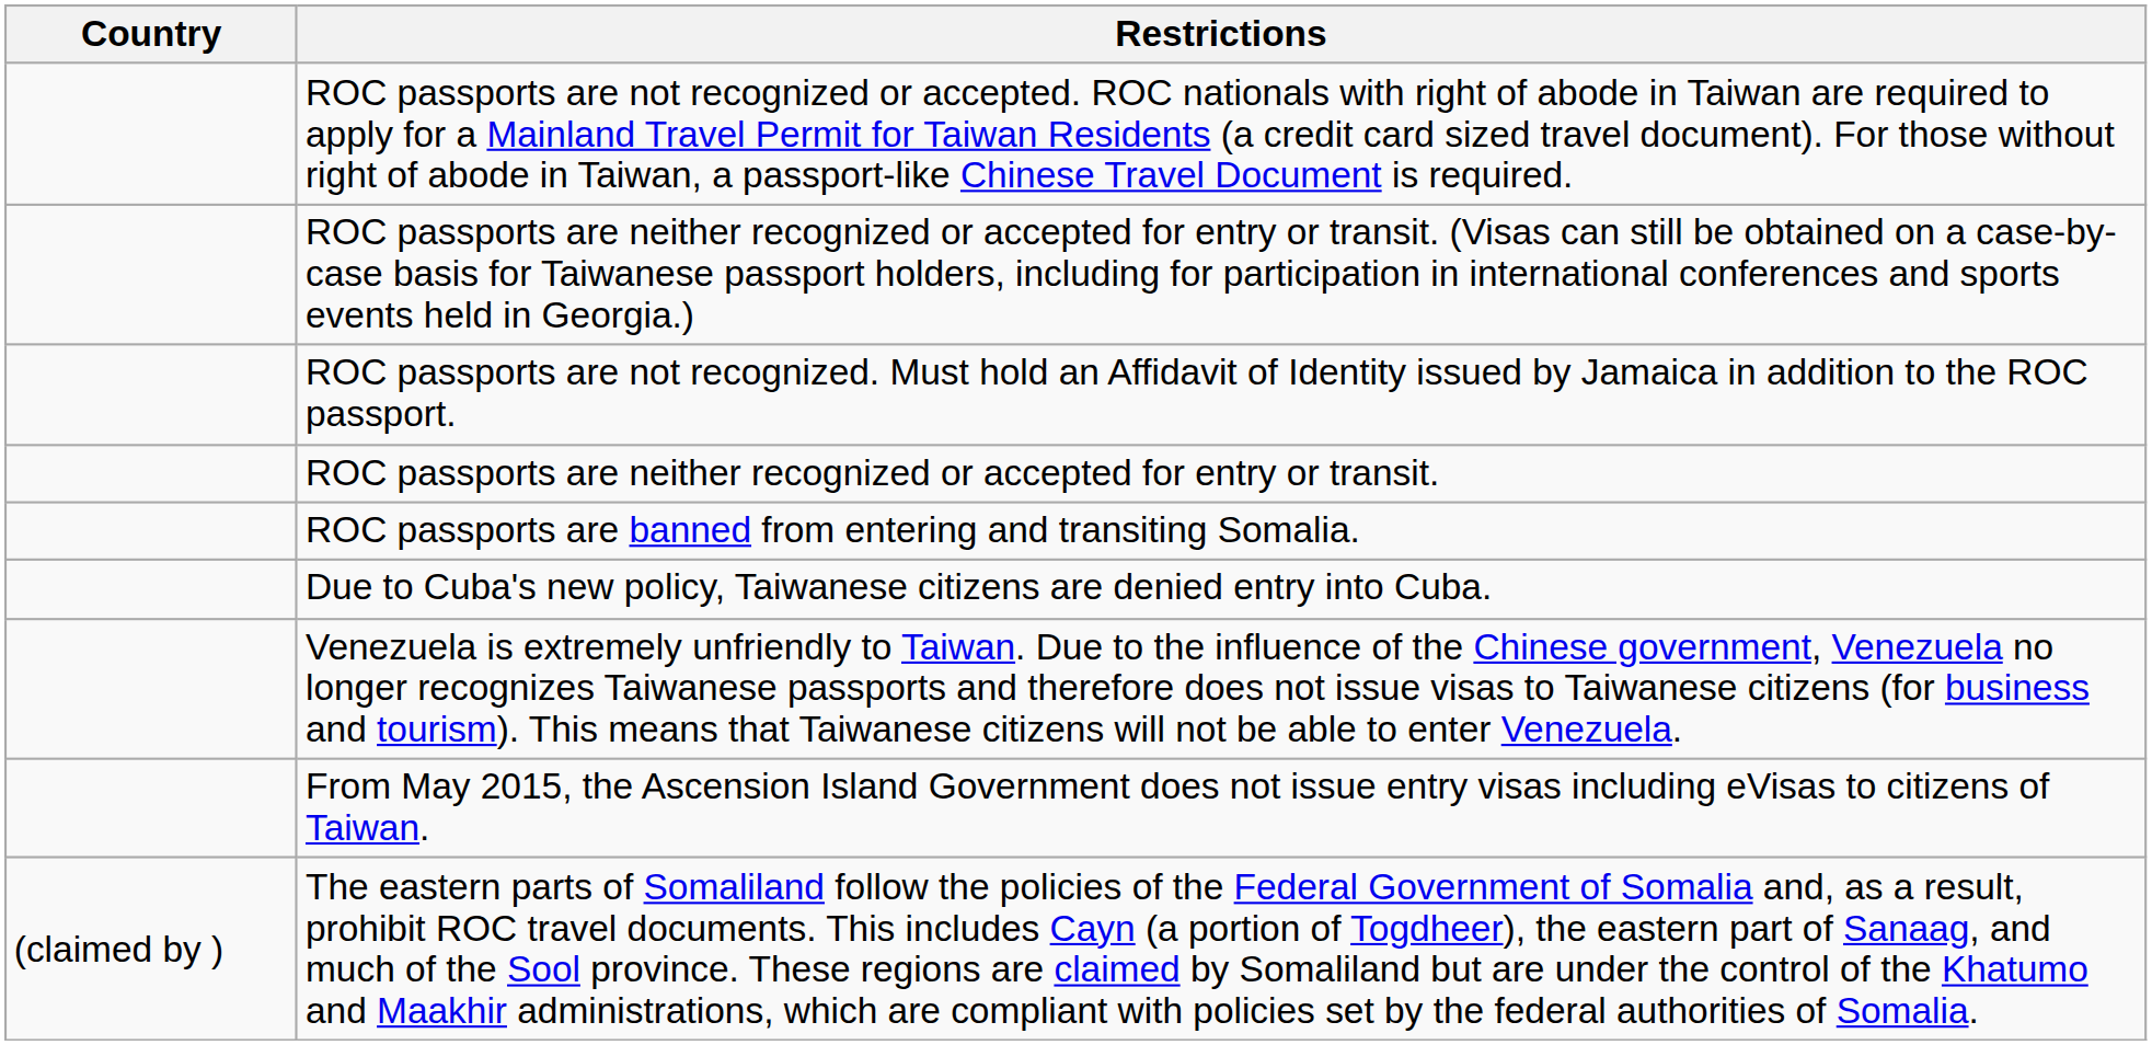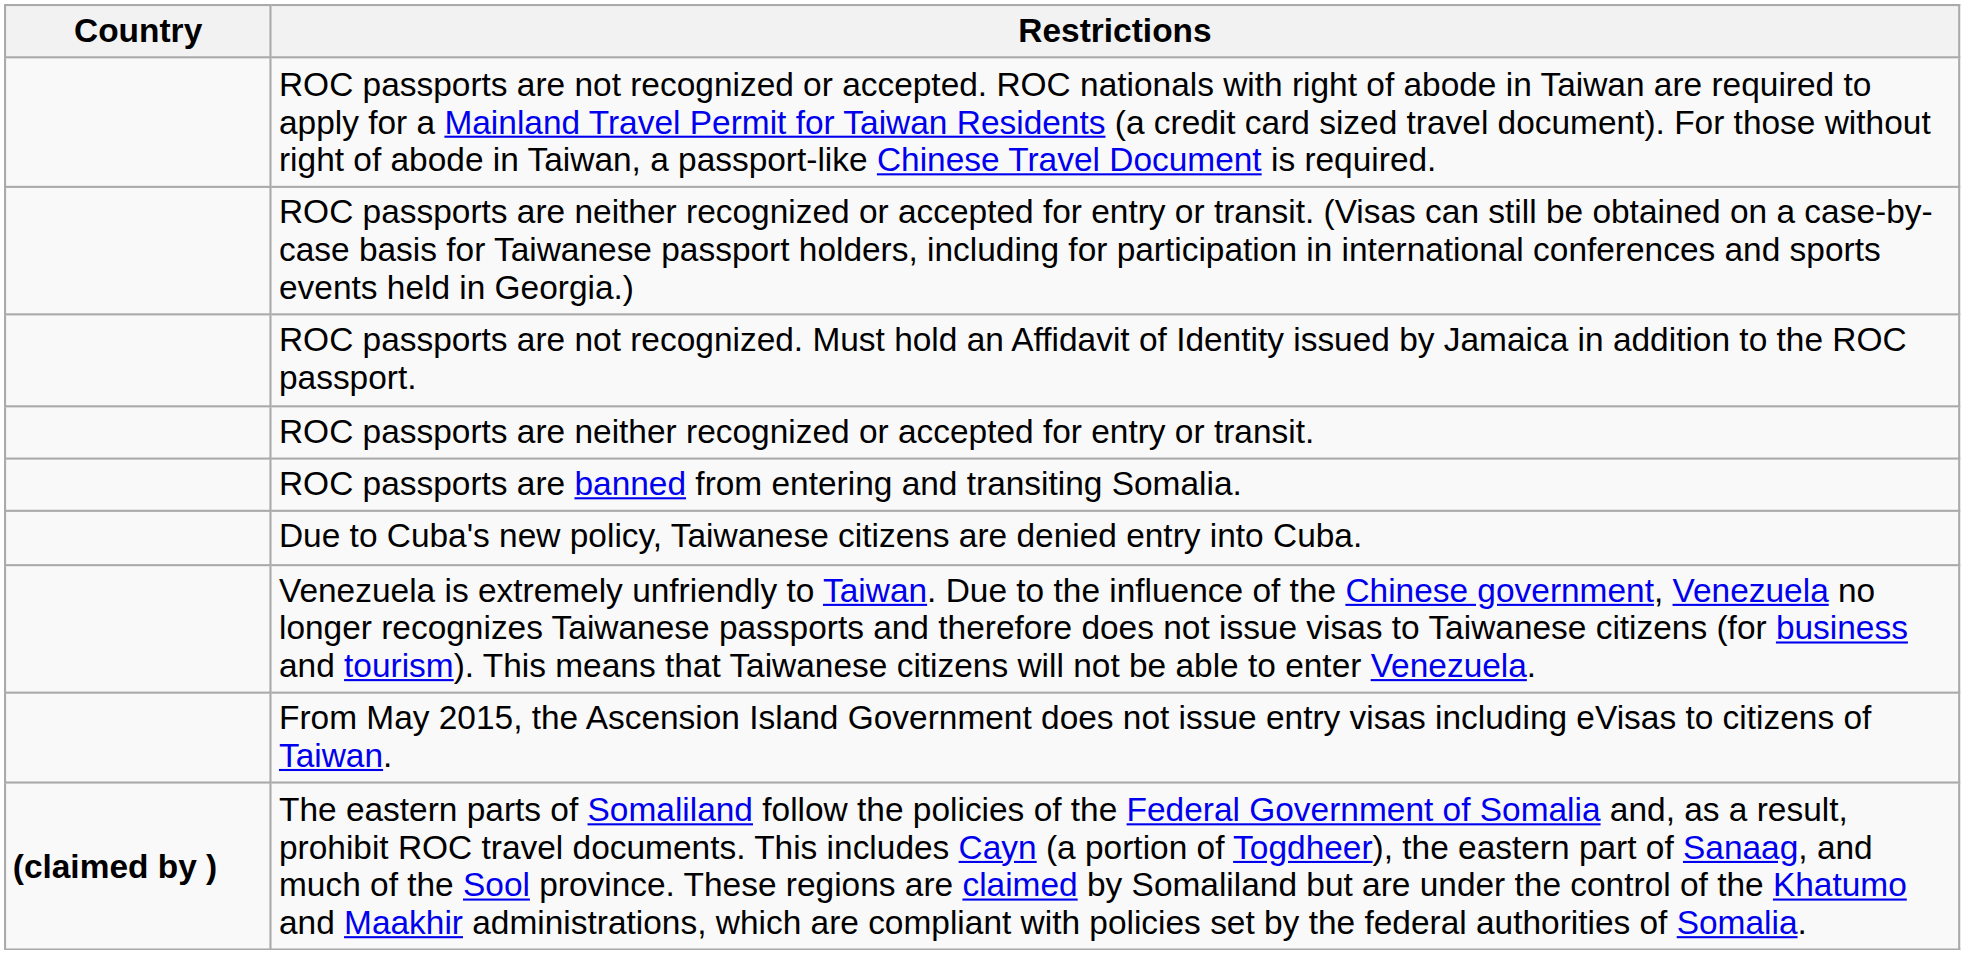 <table class="wikitable">
 <tr>
 <th width=120>Country</th>
 <th width=800>Restrictions</th>
 </tr>
 <tr>
 <td></td>
 <td>ROC passports are not recognized or accepted. ROC nationals with right of abode in Taiwan are required to apply for a <a href='#'>Mainland Travel Permit for Taiwan Residents</a> (a credit card sized travel document). For those without right of abode in Taiwan, a passport-like <a href='#'>Chinese Travel Document</a> is required.</td>
 </tr>
 <tr>
 <td></td>
 <td>ROC passports are neither recognized or accepted for entry or transit. (Visas can still be obtained on a case-by-case basis for Taiwanese passport holders, including for participation in international conferences and sports events held in Georgia.)</td>
 </tr>
 <tr>
 <td></td>
 <td>ROC passports are not recognized. Must hold an Affidavit of Identity issued by Jamaica in addition to the ROC passport.</td>
 </tr>
 <tr>
 <td></td>
 <td>ROC passports are neither recognized or accepted for entry or transit.</td>
 </tr>
 <tr>
 <td></td>
 <td>ROC passports are <a href='#'>banned</a> from entering and transiting Somalia.</td>
 </tr>
 <tr>
 <td></td>
 <td>Due to Cuba's new policy, Taiwanese citizens are denied entry into Cuba.</td>
 </tr>
 <tr>
 <td></td>
 <td>Venezuela is extremely unfriendly to <a href='#'>Taiwan</a>. Due to the influence of the <a href='#'>Chinese government</a>, <a href='#'>Venezuela</a> no longer recognizes Taiwanese passports and therefore does not issue visas to Taiwanese citizens (for <a href='#'>business</a> and <a href='#'>tourism</a>). This means that Taiwanese citizens will not be able to enter <a href='#'>Venezuela</a>.</td>
 </tr>
 <tr>
 <td></td>
 <td>From May 2015, the Ascension Island Government does not issue entry visas including eVisas to citizens of <a href='#'>Taiwan</a>.</td>
 </tr>
 <tr>
-<td> (claimed by )</td>
+<td><strong> (claimed by )</strong></td>
 <td>The eastern parts of <a href='#'>Somaliland</a> follow the policies of the <a href='#'>Federal Government of Somalia</a> and, as a result, prohibit ROC travel documents. This includes <a href='#'>Cayn</a> (a portion of <a href='#'>Togdheer</a>), the eastern part of <a href='#'>Sanaag</a>, and much of the <a href='#'>Sool</a> province. These regions are <a href='#'>claimed</a> by Somaliland but are under the control of the <a href='#'>Khatumo</a> and <a href='#'>Maakhir</a> administrations, which are compliant with policies set by the federal authorities of <a href='#'>Somalia</a>.</td>
 </tr>
 <tr>
 </tr>
 </table>
